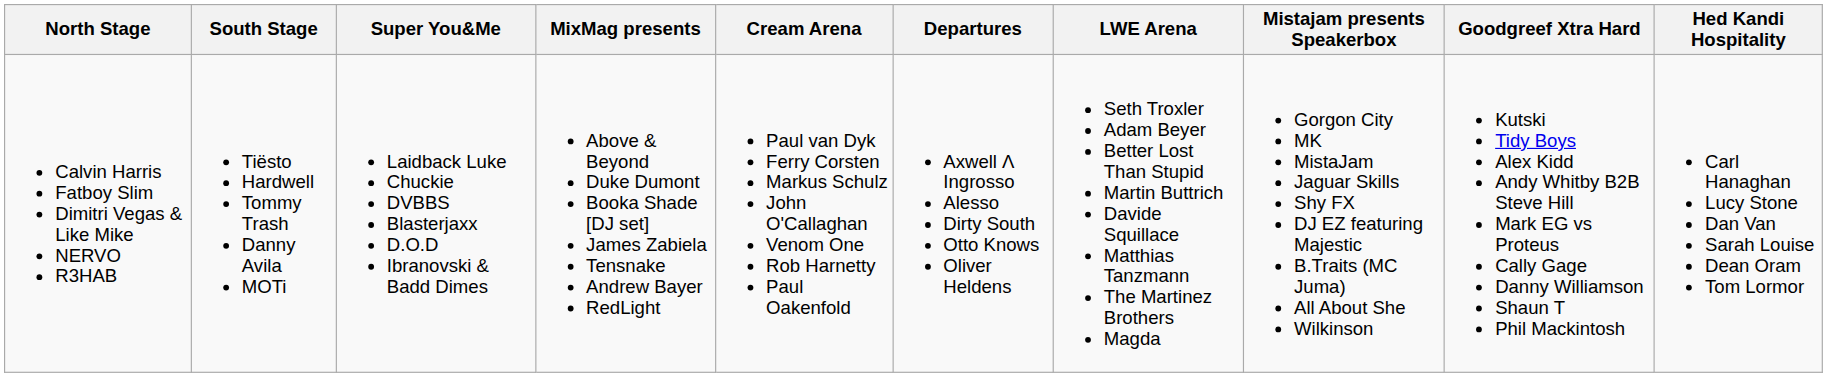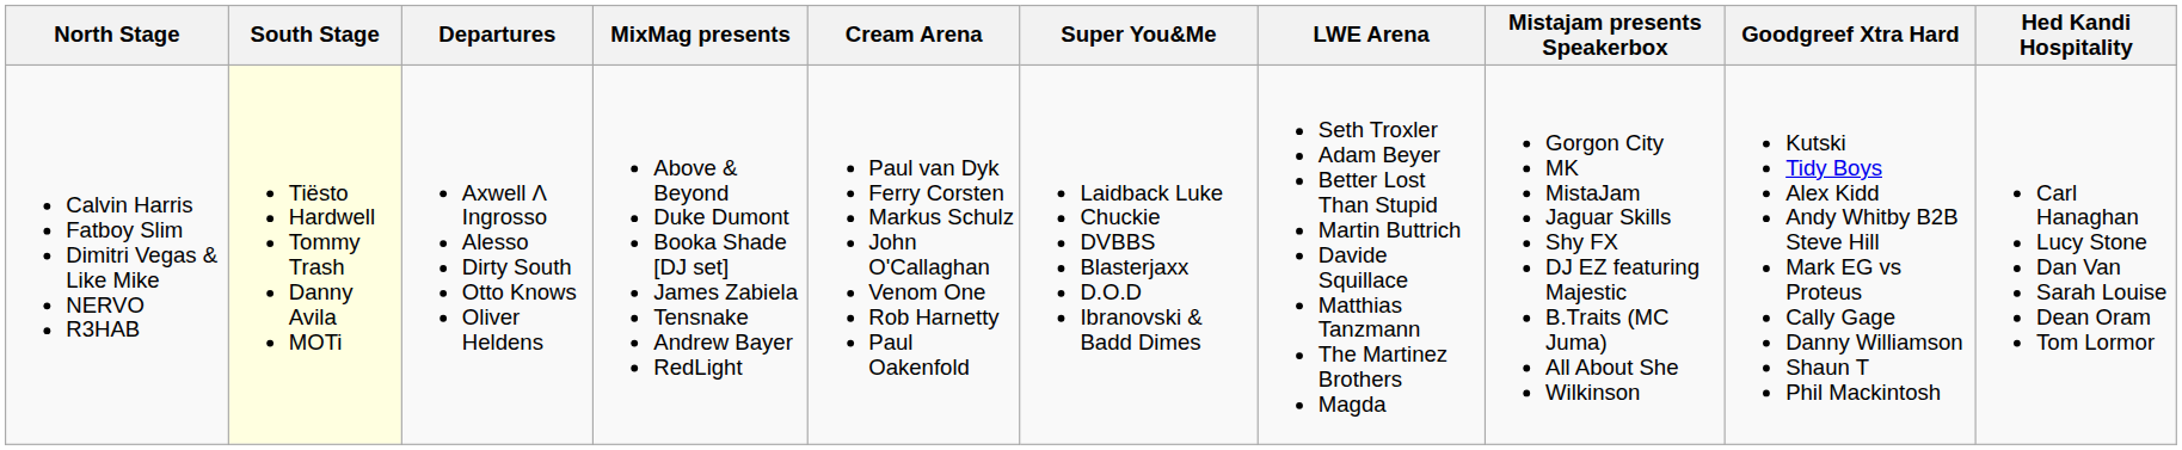 <table class="wikitable">
 <tr>
 <th>North Stage</th>
 <th>South Stage</th>
-<th>Super You&Me</th>
+<th>Departures</th>
 <th>MixMag presents</th>
 <th>Cream Arena</th>
-<th>Departures</th>
+<th>Super You&Me</th>
 <th>LWE Arena</th>
 <th>Mistajam presents Speakerbox</th>
 <th>Goodgreef Xtra Hard</th>
 <th>Hed Kandi Hospitality</th>
 </tr>
 <tr>
 <td><br><ul><li>Calvin Harris</li><li>Fatboy Slim</li><li>Dimitri Vegas & Like Mike</li><li>NERVO</li><li>R3HAB</li></ul></td>
-<td><br><ul><li>Tiësto</li><li>Hardwell</li><li>Tommy Trash</li><li>Danny Avila</li><li>MOTi</li></ul></td>
-<td><br><ul><li>Laidback Luke</li><li>Chuckie</li><li>DVBBS</li><li>Blasterjaxx</li><li>D.O.D</li><li>Ibranovski & Badd Dimes</li></ul></td>
+<td style="background: lightyellow;"><br><ul><li>Tiësto</li><li>Hardwell</li><li>Tommy Trash</li><li>Danny Avila</li><li>MOTi</li></ul></td>
+<td><br><ul><li>Axwell Λ Ingrosso</li><li>Alesso</li><li>Dirty South</li><li>Otto Knows</li><li>Oliver Heldens</li></ul></td>
 <td><br><ul><li>Above & Beyond</li><li>Duke Dumont</li><li>Booka Shade [DJ set]</li><li>James Zabiela</li><li>Tensnake</li><li>Andrew Bayer</li><li>RedLight</li></ul></td>
 <td><br><ul><li>Paul van Dyk</li><li>Ferry Corsten</li><li>Markus Schulz</li><li>John O'Callaghan</li><li>Venom One</li><li>Rob Harnetty</li><li>Paul Oakenfold</li></ul></td>
-<td><br><ul><li>Axwell Λ Ingrosso</li><li>Alesso</li><li>Dirty South</li><li>Otto Knows</li><li>Oliver Heldens</li></ul></td>
+<td><br><ul><li>Laidback Luke</li><li>Chuckie</li><li>DVBBS</li><li>Blasterjaxx</li><li>D.O.D</li><li>Ibranovski & Badd Dimes</li></ul></td>
 <td><br><ul><li>Seth Troxler</li><li>Adam Beyer</li><li>Better Lost Than Stupid</li><li>Martin Buttrich</li><li>Davide Squillace</li><li>Matthias Tanzmann</li><li>The Martinez Brothers</li><li>Magda</li></ul></td>
 <td><br><ul><li>Gorgon City</li><li>MK</li><li>MistaJam</li><li>Jaguar Skills</li><li>Shy FX</li><li>DJ EZ featuring Majestic</li><li>B.Traits (MC Juma)</li><li>All About She</li><li>Wilkinson</li></ul></td>
 <td><br><ul><li>Kutski</li><li><a href='#'>Tidy Boys</a></li><li>Alex Kidd</li><li>Andy Whitby B2B Steve Hill</li><li>Mark EG vs Proteus</li><li>Cally Gage</li><li>Danny Williamson</li><li>Shaun T</li><li>Phil Mackintosh</li></ul></td>
 <td><br><ul><li>Carl Hanaghan</li><li>Lucy Stone</li><li>Dan Van</li><li>Sarah Louise</li><li>Dean Oram</li><li>Tom Lormor</li></ul></td>
 </tr>
 </table>
